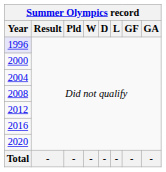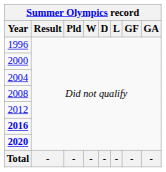 <table class="wikitable" style="text-align: center;">
 <tr>
 <th colspan=8><a href='#'>Summer Olympics</a> record</th>
 </tr>
 <tr>
 <th>Year</th>
 <th>Result</th>
 <th>Pld</th>
 <th>W</th>
 <th>D</th>
 <th>L</th>
 <th>GF</th>
 <th>GA</th>
 </tr>
 <tr>
-<td style="background: lavender;"> <a href='#'>1996</a></td>
+<td> <a href='#'>1996</a></td>
 <td colspan=7 rowspan=7><em>Did not qualify</em></td>
 </tr>
 <tr>
 <td> <a href='#'>2000</a></td>
 </tr>
 <tr>
 <td> <a href='#'>2004</a></td>
 </tr>
 <tr>
 <td> <a href='#'>2008</a></td>
 </tr>
 <tr>
 <td> <a href='#'>2012</a></td>
 </tr>
 <tr>
-<td> <a href='#'>2016</a></td>
+<td><strong> <a href='#'>2016</a></strong></td>
 </tr>
 <tr>
-<td> <a href='#'>2020</a></td>
+<td><strong> <a href='#'>2020</a></strong></td>
 </tr>
 <tr>
 <th>Total</th>
 <th>-</th>
 <th>-</th>
 <th>-</th>
 <th>-</th>
 <th>-</th>
 <th>-</th>
 <th>-</th>
 </tr>
 </table>
